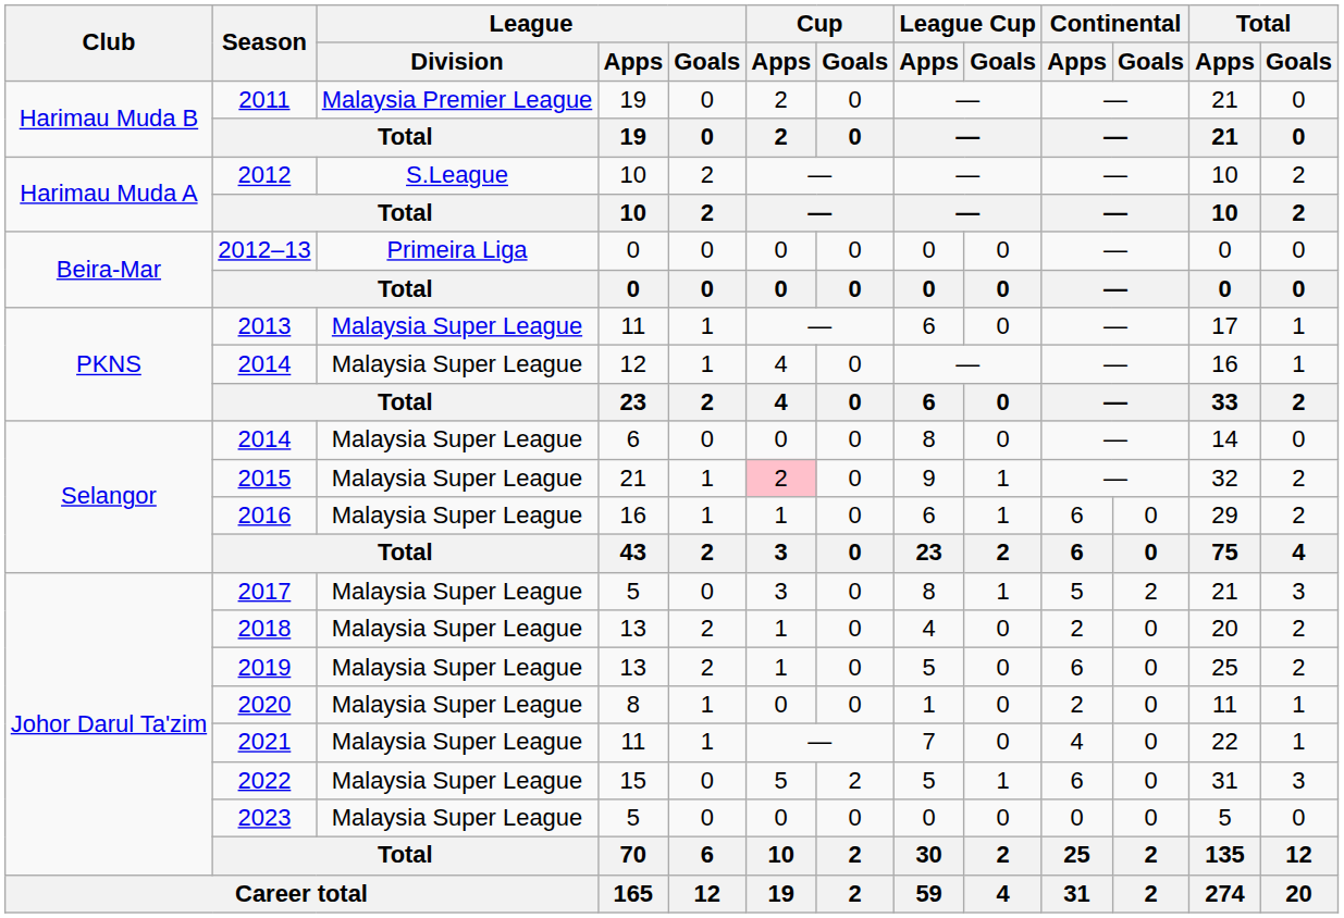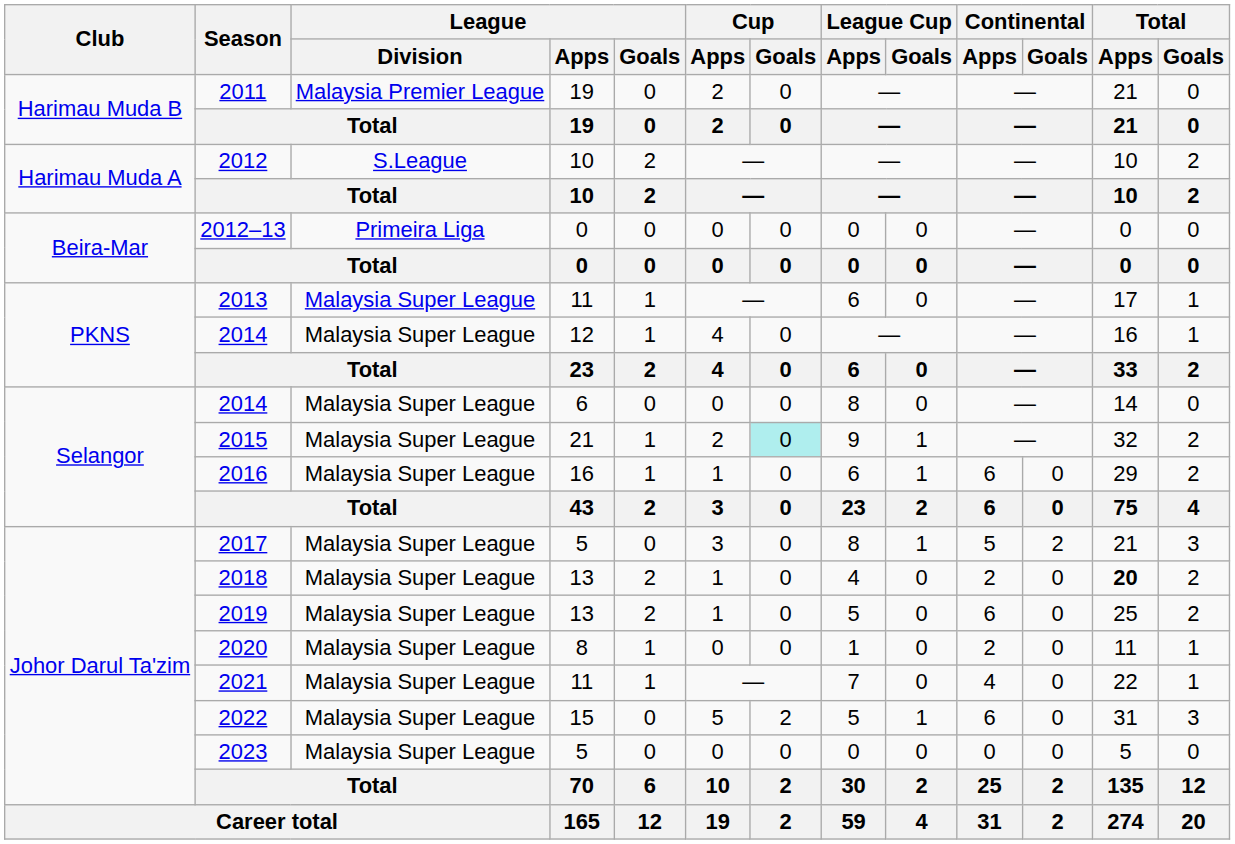 <table class=wikitable style="text-align:center">
 <tr>
 <th rowspan=2>Club</th>
 <th rowspan=2>Season</th>
 <th colspan=3>League</th>
 <th colspan=2>Cup</th>
 <th colspan=2>League Cup</th>
 <th colspan=2>Continental</th>
 <th colspan=2>Total</th>
 </tr>
 <tr>
 <th>Division</th>
 <th>Apps</th>
 <th>Goals</th>
 <th>Apps</th>
 <th>Goals</th>
 <th>Apps</th>
 <th>Goals</th>
 <th>Apps</th>
 <th>Goals</th>
 <th>Apps</th>
 <th>Goals</th>
 </tr>
 <tr>
 <td rowspan=2><a href='#'>Harimau Muda B</a></td>
 <td><a href='#'>2011</a></td>
 <td><a href='#'>Malaysia Premier League</a></td>
 <td>19</td>
 <td>0</td>
 <td>2</td>
 <td>0</td>
 <td colspan=2>—</td>
 <td colspan=2>—</td>
 <td>21</td>
 <td>0</td>
 </tr>
 <tr>
 <th colspan="2">Total</th>
 <th>19</th>
 <th>0</th>
 <th>2</th>
 <th>0</th>
 <th colspan=2>—</th>
 <th colspan=2>—</th>
 <th>21</th>
 <th>0</th>
 </tr>
 <tr>
 <td rowspan=2><a href='#'>Harimau Muda A</a></td>
 <td><a href='#'>2012</a></td>
 <td><a href='#'>S.League</a></td>
 <td>10</td>
 <td>2</td>
 <td colspan=2>—</td>
 <td colspan=2>—</td>
 <td colspan=2>—</td>
 <td>10</td>
 <td>2</td>
 </tr>
 <tr>
 <th colspan="2">Total</th>
 <th>10</th>
 <th>2</th>
 <th colspan=2>—</th>
 <th colspan=2>—</th>
 <th colspan=2>—</th>
 <th>10</th>
 <th>2</th>
 </tr>
 <tr>
 <td rowspan=2><a href='#'>Beira-Mar</a></td>
 <td><a href='#'>2012–13</a></td>
 <td><a href='#'>Primeira Liga</a></td>
 <td>0</td>
 <td>0</td>
 <td>0</td>
 <td>0</td>
 <td>0</td>
 <td>0</td>
 <td colspan=2>—</td>
 <td>0</td>
 <td>0</td>
 </tr>
 <tr>
 <th colspan="2">Total</th>
 <th>0</th>
 <th>0</th>
 <th>0</th>
 <th>0</th>
 <th>0</th>
 <th>0</th>
 <th colspan=2>—</th>
 <th>0</th>
 <th>0</th>
 </tr>
 <tr>
 <td rowspan=3><a href='#'>PKNS</a></td>
 <td><a href='#'>2013</a></td>
 <td><a href='#'>Malaysia Super League</a></td>
 <td>11</td>
 <td>1</td>
 <td colspan=2>—</td>
 <td>6</td>
 <td>0</td>
 <td colspan=2>—</td>
 <td>17</td>
 <td>1</td>
 </tr>
 <tr>
 <td><a href='#'>2014</a></td>
 <td>Malaysia Super League</td>
 <td>12</td>
 <td>1</td>
 <td>4</td>
 <td>0</td>
 <td colspan=2>—</td>
 <td colspan=2>—</td>
 <td>16</td>
 <td>1</td>
 </tr>
 <tr>
 <th colspan="2">Total</th>
 <th>23</th>
 <th>2</th>
 <th>4</th>
 <th>0</th>
 <th>6</th>
 <th>0</th>
 <th colspan=2>—</th>
 <th>33</th>
 <th>2</th>
 </tr>
 <tr>
 <td rowspan=4><a href='#'>Selangor</a></td>
 <td><a href='#'>2014</a></td>
 <td>Malaysia Super League</td>
 <td>6</td>
 <td>0</td>
 <td>0</td>
 <td>0</td>
 <td>8</td>
 <td>0</td>
 <td colspan=2>—</td>
 <td>14</td>
 <td>0</td>
 </tr>
 <tr>
 <td><a href='#'>2015</a></td>
 <td>Malaysia Super League</td>
 <td>21</td>
 <td>1</td>
-<td style="background: pink;">2</td>
-<td>0</td>
+<td>2</td>
+<td style="background: paleturquoise;">0</td>
 <td>9</td>
 <td>1</td>
 <td colspan=2>—</td>
 <td>32</td>
 <td>2</td>
 </tr>
 <tr>
 <td><a href='#'>2016</a></td>
 <td>Malaysia Super League</td>
 <td>16</td>
 <td>1</td>
 <td>1</td>
 <td>0</td>
 <td>6</td>
 <td>1</td>
 <td>6</td>
 <td>0</td>
 <td>29</td>
 <td>2</td>
 </tr>
 <tr>
 <th colspan="2">Total</th>
 <th>43</th>
 <th>2</th>
 <th>3</th>
 <th>0</th>
 <th>23</th>
 <th>2</th>
 <th>6</th>
 <th>0</th>
 <th>75</th>
 <th>4</th>
 </tr>
 <tr>
 <td rowspan=8><a href='#'>Johor Darul Ta'zim</a></td>
 <td><a href='#'>2017</a></td>
 <td>Malaysia Super League</td>
 <td>5</td>
 <td>0</td>
 <td>3</td>
 <td>0</td>
 <td>8</td>
 <td>1</td>
 <td>5</td>
 <td>2</td>
 <td>21</td>
 <td>3</td>
 </tr>
 <tr>
 <td><a href='#'>2018</a></td>
 <td>Malaysia Super League</td>
 <td>13</td>
 <td>2</td>
 <td>1</td>
 <td>0</td>
 <td>4</td>
 <td>0</td>
 <td>2</td>
 <td>0</td>
-<td>20</td>
+<td><strong>20</strong></td>
 <td>2</td>
 </tr>
 <tr>
 <td><a href='#'>2019</a></td>
 <td>Malaysia Super League</td>
 <td>13</td>
 <td>2</td>
 <td>1</td>
 <td>0</td>
 <td>5</td>
 <td>0</td>
 <td>6</td>
 <td>0</td>
 <td>25</td>
 <td>2</td>
 </tr>
 <tr>
 <td><a href='#'>2020</a></td>
 <td>Malaysia Super League</td>
 <td>8</td>
 <td>1</td>
 <td>0</td>
 <td>0</td>
 <td>1</td>
 <td>0</td>
 <td>2</td>
 <td>0</td>
 <td>11</td>
 <td>1</td>
 </tr>
 <tr>
 <td><a href='#'>2021</a></td>
 <td>Malaysia Super League</td>
 <td>11</td>
 <td>1</td>
 <td colspan=2>—</td>
 <td>7</td>
 <td>0</td>
 <td>4</td>
 <td>0</td>
 <td>22</td>
 <td>1</td>
 </tr>
 <tr>
 <td><a href='#'>2022</a></td>
 <td>Malaysia Super League</td>
 <td>15</td>
 <td>0</td>
 <td>5</td>
 <td>2</td>
 <td>5</td>
 <td>1</td>
 <td>6</td>
 <td>0</td>
 <td>31</td>
 <td>3</td>
 </tr>
 <tr>
 <td><a href='#'>2023</a></td>
 <td>Malaysia Super League</td>
 <td>5</td>
 <td>0</td>
 <td>0</td>
 <td>0</td>
 <td>0</td>
 <td>0</td>
 <td>0</td>
 <td>0</td>
 <td>5</td>
 <td>0</td>
 </tr>
 <tr>
 <th colspan="2">Total</th>
 <th>70</th>
 <th>6</th>
 <th>10</th>
 <th>2</th>
 <th>30</th>
 <th>2</th>
 <th>25</th>
 <th>2</th>
 <th>135</th>
 <th>12</th>
 </tr>
 <tr>
 <th colspan="3">Career total</th>
 <th>165</th>
 <th>12</th>
 <th>19</th>
 <th>2</th>
 <th>59</th>
 <th>4</th>
 <th>31</th>
 <th>2</th>
 <th>274</th>
 <th>20</th>
 </tr>
 </table>
